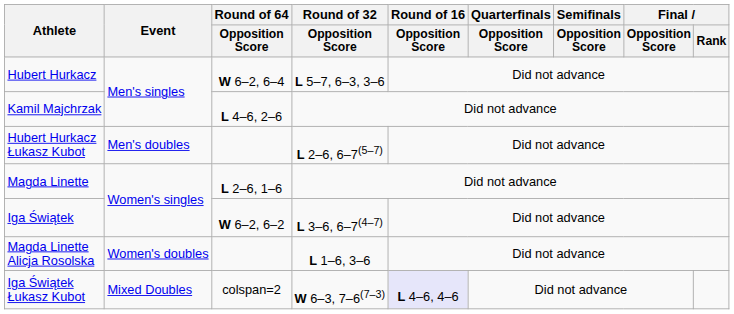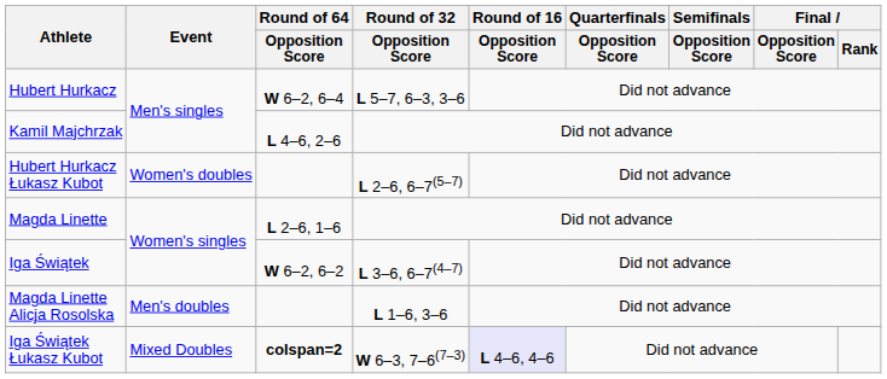 <table class="wikitable" style="text-align:center; font-size:90%">
 <tr>
 <th rowspan=2>Athlete</th>
 <th rowspan=2>Event</th>
 <th>Round of 64</th>
 <th>Round of 32</th>
 <th>Round of 16</th>
 <th>Quarterfinals</th>
 <th>Semifinals</th>
 <th colspan=2>Final / </th>
 </tr>
 <tr style="font-size:95%">
 <th>Opposition<br>Score</th>
 <th>Opposition<br>Score</th>
 <th>Opposition<br>Score</th>
 <th>Opposition<br>Score</th>
 <th>Opposition<br>Score</th>
 <th>Opposition<br>Score</th>
 <th>Rank</th>
 </tr>
 <tr>
 <td align=left><a href='#'>Hubert Hurkacz</a></td>
 <td rowspan=2 align=left><a href='#'>Men's singles</a></td>
 <td><br><strong>W</strong> 6–2, 6–4</td>
 <td><br><strong>L</strong> 5–7, 6–3, 3–6</td>
 <td colspan=5>Did not advance</td>
 </tr>
 <tr>
 <td align=left><a href='#'>Kamil Majchrzak</a></td>
 <td><br><strong>L</strong> 4–6, 2–6</td>
 <td colspan=6>Did not advance</td>
 </tr>
 <tr>
 <td align=left><a href='#'>Hubert Hurkacz</a><br><a href='#'>Łukasz Kubot</a></td>
-<td align=left><a href='#'>Men's doubles</a></td>
+<td align=left><a href='#'>Women's doubles</a></td>
 <td></td>
 <td><br><strong>L</strong> 2–6, 6–7<sup>(5–7)</sup></td>
 <td colspan=5>Did not advance</td>
 </tr>
 <tr>
 <td align=left><a href='#'>Magda Linette</a></td>
 <td align=left rowspan=2><a href='#'>Women's singles</a></td>
 <td><br><strong>L</strong> 2–6, 1–6</td>
 <td colspan=6>Did not advance</td>
 </tr>
 <tr>
 <td align=left><a href='#'>Iga Świątek</a></td>
 <td><br><strong>W</strong> 6–2, 6–2</td>
 <td><br><strong>L</strong> 3–6, 6–7<sup>(4–7)</sup></td>
 <td colspan=5>Did not advance</td>
 </tr>
 <tr>
 <td align=left><a href='#'>Magda Linette</a><br><a href='#'>Alicja Rosolska</a></td>
-<td align=left><a href='#'>Women's doubles</a></td>
+<td align=left><a href='#'>Men's doubles</a></td>
 <td></td>
 <td><br><strong>L</strong> 1–6, 3–6</td>
 <td colspan=5>Did not advance</td>
 </tr>
 <tr>
 <td align=left><a href='#'>Iga Świątek</a><br><a href='#'>Łukasz Kubot</a></td>
 <td align=left><a href='#'>Mixed Doubles</a></td>
-<td>colspan=2 </td>
+<td><strong>colspan=2 </strong></td>
 <td><br><strong>W</strong> 6–3, 7–6<sup>(7–3)</sup></td>
 <td style="background: lavender;"><br><strong>L</strong> 4–6, 4–6</td>
 <td colspan=3>Did not advance</td>
 </tr>
 </table>
